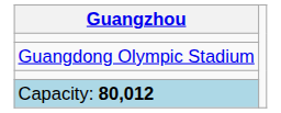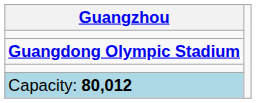 <table class="wikitable" style="margin-left: auto; margin-right: auto; border: none;">
 <tr>
 <th><a href='#'>Guangzhou</a></th>
 <td rowspan="5"><br></td>
 </tr>
 <tr>
 <td align="center"></td>
 </tr>
 <tr>
-<td><a href='#'>Guangdong Olympic Stadium</a></td>
+<td><strong><a href='#'>Guangdong Olympic Stadium</a></strong></td>
 </tr>
 <tr>
 <td><small></small></td>
 </tr>
 <tr>
 <td style="background: lightblue;">Capacity: <strong>80,012</strong></td>
 </tr>
 </table>
